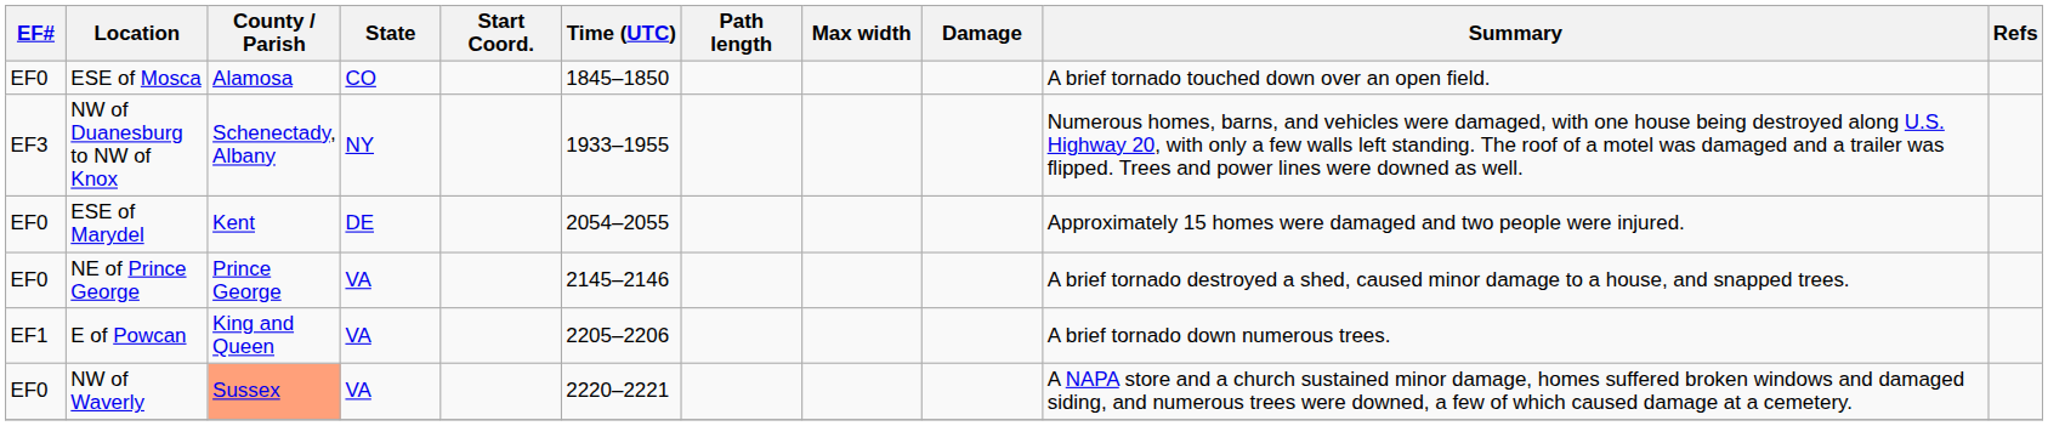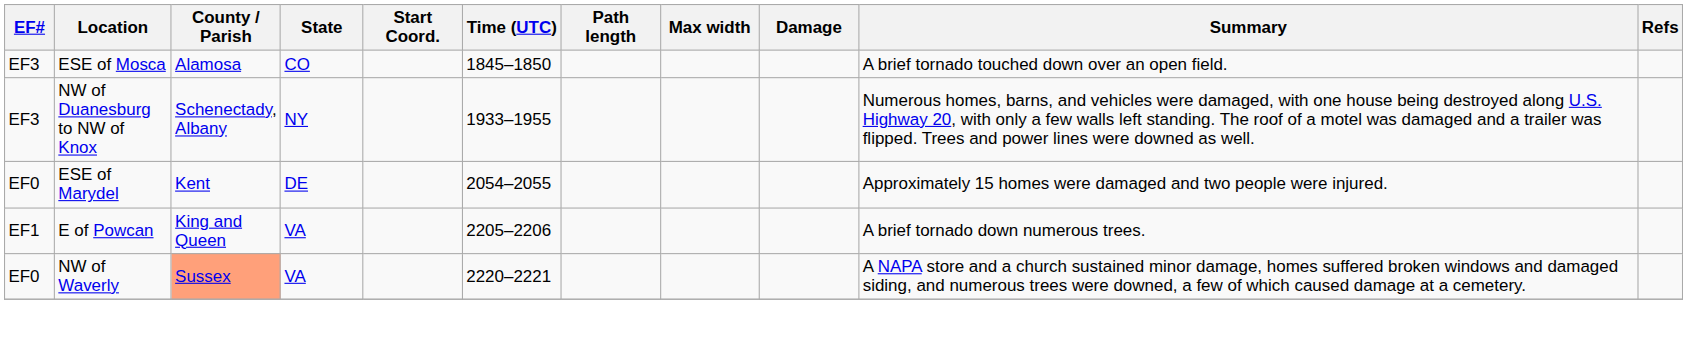 <table class="wikitable sortable" style="width:100%;">
 <tr>
 <th scope="col" width="3%" align="center"><a href='#'>EF#</a></th>
 <th scope="col" width="7%" align="center" class="unsortable">Location</th>
 <th scope="col" width="6%" align="center" class="unsortable">County / Parish</th>
 <th scope="col" width="5%" align="center">State</th>
 <th scope="col" width="6%" class="unsortable" align="center">Start Coord.</th>
 <th scope="col" width="6%" align="center">Time (<a href='#'>UTC</a>)</th>
 <th scope="col" width="6%" align="center">Path length</th>
 <th scope="col" width="6%" align="center">Max width</th>
 <th scope="col" width="6%" align="center">Damage</th>
 <th scope="col" width="48%" class="unsortable" align="center">Summary</th>
 <th scope="col" width="48%" class="unsortable" align="center">Refs</th>
 </tr>
 <tr>
-<td>EF0</td>
+<td>EF3</td>
 <td>ESE of <a href='#'>Mosca</a></td>
 <td><a href='#'>Alamosa</a></td>
 <td><a href='#'>CO</a></td>
 <td></td>
 <td>1845–1850</td>
 <td></td>
 <td></td>
 <td></td>
 <td>A brief tornado touched down over an open field.</td>
 <td></td>
 </tr>
 <tr>
 <td>EF3</td>
 <td>NW of <a href='#'>Duanesburg</a> to NW of <a href='#'>Knox</a></td>
 <td><a href='#'>Schenectady</a>, <a href='#'>Albany</a></td>
 <td><a href='#'>NY</a></td>
 <td></td>
 <td>1933–1955</td>
 <td></td>
 <td></td>
 <td></td>
 <td>Numerous homes, barns, and vehicles were damaged, with one house being destroyed along <a href='#'>U.S. Highway 20</a>, with only a few walls left standing. The roof of a motel was damaged and a trailer was flipped. Trees and power lines were downed as well.</td>
 <td></td>
 </tr>
 <tr>
 <td>EF0</td>
 <td>ESE of <a href='#'>Marydel</a></td>
 <td><a href='#'>Kent</a></td>
 <td><a href='#'>DE</a></td>
 <td></td>
 <td>2054–2055</td>
 <td></td>
 <td></td>
 <td></td>
 <td>Approximately 15 homes were damaged and two people were injured.</td>
 <td></td>
 </tr>
 <tr>
-<td>EF0</td>
-<td>NE of <a href='#'>Prince George</a></td>
-<td><a href='#'>Prince George</a></td>
-<td><a href='#'>VA</a></td>
-<td></td>
-<td>2145–2146</td>
-<td></td>
-<td></td>
-<td></td>
-<td>A brief tornado destroyed a shed, caused minor damage to a house, and snapped trees.</td>
-<td></td>
-</tr>
-<tr>
 <td>EF1</td>
 <td>E of <a href='#'>Powcan</a></td>
 <td><a href='#'>King and Queen</a></td>
 <td><a href='#'>VA</a></td>
 <td></td>
 <td>2205–2206</td>
 <td></td>
 <td></td>
 <td></td>
 <td>A brief tornado down numerous trees.</td>
 <td></td>
 </tr>
 <tr>
 <td>EF0</td>
 <td>NW of <a href='#'>Waverly</a></td>
 <td style="background: lightsalmon;"><a href='#'>Sussex</a></td>
 <td><a href='#'>VA</a></td>
 <td></td>
 <td>2220–2221</td>
 <td></td>
 <td></td>
 <td></td>
 <td>A <a href='#'>NAPA</a> store and a church sustained minor damage, homes suffered broken windows and damaged siding, and numerous trees were downed, a few of which caused damage at a cemetery.</td>
 <td></td>
 </tr>
 <tr>
 </tr>
 </table>
